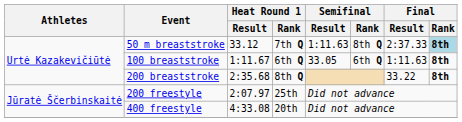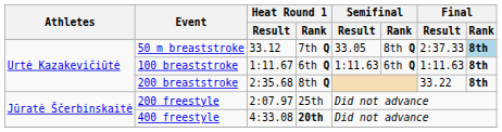 <table class="wikitable" border="1" style="font-size:90%">
 <tr>
 <th rowspan=2>Athletes</th>
 <th rowspan=2>Event</th>
 <th colspan=2>Heat Round 1</th>
 <th colspan=2>Semifinal</th>
 <th colspan=2>Final</th>
 </tr>
 <tr>
 <th>Result</th>
 <th>Rank</th>
 <th>Result</th>
 <th>Rank</th>
 <th>Result</th>
 <th>Rank</th>
 </tr>
 <tr>
 <td rowspan=3><a href='#'>Urtė Kazakevičiūtė</a></td>
 <td><a href='#'>50 m breaststroke</a></td>
 <td>33.12</td>
 <td>7th <strong>Q</strong></td>
-<td>1:11.63</td>
+<td>33.05</td>
 <td>8th <strong>Q</strong></td>
 <td>2:37.33</td>
 <td style="background: lightblue;"><strong>8th</strong></td>
 </tr>
 <tr>
 <td><a href='#'>100 breaststroke</a></td>
 <td>1:11.67</td>
 <td>6th <strong>Q</strong></td>
-<td>33.05</td>
+<td>1:11.63</td>
 <td>6th <strong>Q</strong></td>
 <td>1:11.63</td>
 <td><strong>8th</strong></td>
 </tr>
 <tr>
 <td><a href='#'>200 breaststroke</a></td>
 <td>2:35.68</td>
 <td>8th <strong>Q</strong></td>
 <td bgcolor=wheat colspan=2></td>
 <td>33.22</td>
 <td><strong>8th</strong></td>
 </tr>
 <tr>
 <td rowspan=2><a href='#'>Jūratė Ščerbinskaitė</a></td>
 <td><a href='#'>200 freestyle</a></td>
 <td>2:07.97</td>
 <td>25th</td>
 <td colspan=4><em>Did not advance</em></td>
 </tr>
 <tr>
 <td><a href='#'>400 freestyle</a></td>
 <td>4:33.08</td>
-<td>20th</td>
+<td><strong>20th</strong></td>
 <td colspan=4><em>Did not advance</em></td>
 </tr>
 <tr>
 </tr>
 </table>
